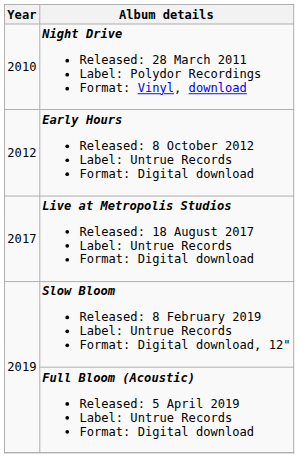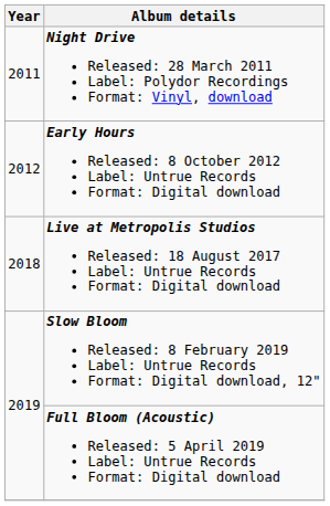 <table class="wikitable">
 <tr>
 <th>Year</th>
 <th>Album details</th>
 </tr>
 <tr>
-<td>2010</td>
+<td>2011</td>
 <td><strong><em>Night Drive</em></strong><br><ul><li>Released: 28 March 2011</li><li>Label: Polydor Recordings</li><li>Format: <a href='#'>Vinyl</a>, <a href='#'>download</a></li></ul></td>
 </tr>
 <tr>
 <td>2012</td>
 <td><strong><em>Early Hours</em></strong><br><ul><li>Released: 8 October 2012</li><li>Label: Untrue Records</li><li>Format: Digital download</li></ul></td>
 </tr>
 <tr>
-<td>2017</td>
+<td>2018</td>
 <td><strong><em>Live at Metropolis Studios</em></strong><br><ul><li>Released: 18 August 2017</li><li>Label: Untrue Records</li><li>Format: Digital download</li></ul></td>
 </tr>
 <tr>
 <td rowspan="2">2019</td>
 <td><strong><em>Slow Bloom</em></strong><br><ul><li>Released: 8 February 2019</li><li>Label: Untrue Records</li><li>Format: Digital download, 12"</li></ul></td>
 </tr>
 <tr>
 <td><strong><em>Full Bloom (Acoustic)</em></strong><br><ul><li>Released: 5 April 2019</li><li>Label: Untrue Records</li><li>Format: Digital download</li></ul></td>
 </tr>
 <tr>
 </tr>
 </table>
